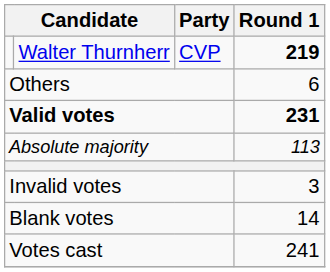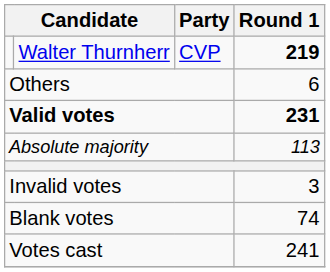 <table class="wikitable" style="text-align:right;">
 <tr>
 <th colspan=2>Candidate</th>
 <th>Party</th>
 <th>Round 1</th>
 </tr>
 <tr>
 <td style="background-color:"></td>
 <td style="text-align:left;"><a href='#'>Walter Thurnherr</a></td>
 <td style="text-align:left;"><a href='#'>CVP</a></td>
 <td><strong>219</strong></td>
 </tr>
 <tr>
 <td colspan=3 style="text-align:left;">Others</td>
 <td>6</td>
 </tr>
 <tr style="font-weight:bold;">
 <td colspan=3 style="text-align:left;">Valid votes</td>
 <td>231</td>
 </tr>
 <tr style="font-style:italic; font-size:90%;">
 <td colspan=3 style="text-align:left;">Absolute majority</td>
 <td>113</td>
 </tr>
 <tr>
 <th colspan=10></th>
 </tr>
 <tr>
 <td colspan=3 style="text-align:left;">Invalid votes</td>
 <td>3</td>
 </tr>
 <tr>
 <td colspan=3 style="text-align:left;">Blank votes</td>
-<td>14</td>
+<td>74</td>
 </tr>
 <tr>
 <td colspan=3 style="text-align:left;">Votes cast</td>
 <td>241</td>
 </tr>
 <tr>
 </tr>
 </table>
